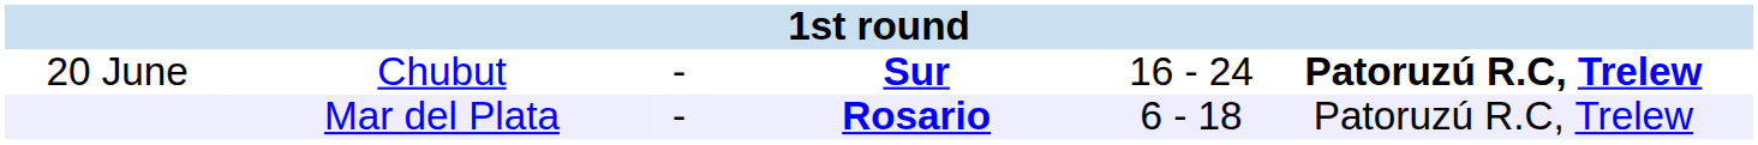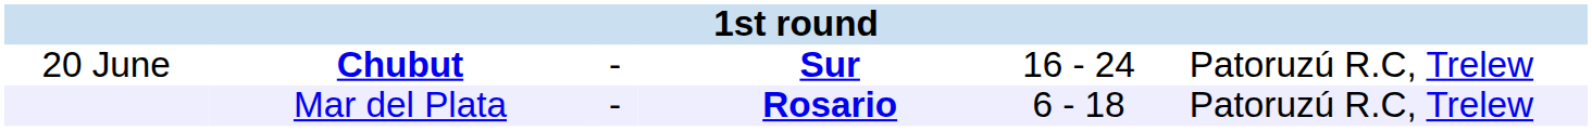 <table border=0 cellspacing=0 cellpadding=0 style="border-collapse: collapse;" width=700>
 <tr bgcolor="#CADFF0">
 <td style="font-size:100%"; align="center" colspan="6"><strong>1st round</strong></td>
 </tr>
 <tr align=center bgcolor=#FFFFFF>
 <td width=90>20 June</td>
-<td width=170><a href='#'>Chubut</a></td>
+<td width=170><strong><a href='#'>Chubut</a></strong></td>
 <td width=20>-</td>
 <td width=170><strong><a href='#'>Sur</a></strong></td>
 <td width=50>16 - 24</td>
-<td width=200><strong>Patoruzú R.C, <a href='#'>Trelew</a></strong></td>
+<td width=200>Patoruzú R.C, <a href='#'>Trelew</a></td>
 </tr>
 <tr align=center bgcolor=#EEEEFF>
 <td width=90></td>
 <td width=170><a href='#'>Mar del Plata</a></td>
 <td width=20>-</td>
 <td width=170><strong><a href='#'>Rosario</a></strong></td>
 <td width=50>6 - 18</td>
 <td width=200>Patoruzú R.C, <a href='#'>Trelew</a></td>
 </tr>
 </table>
